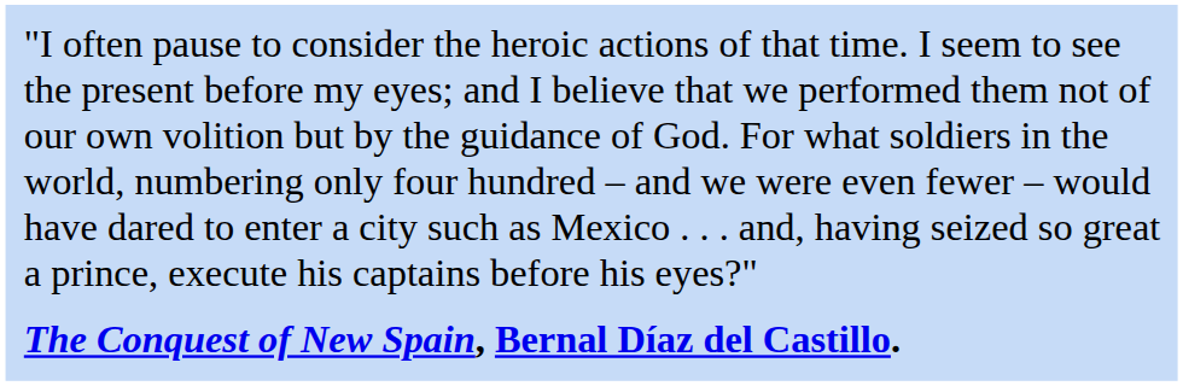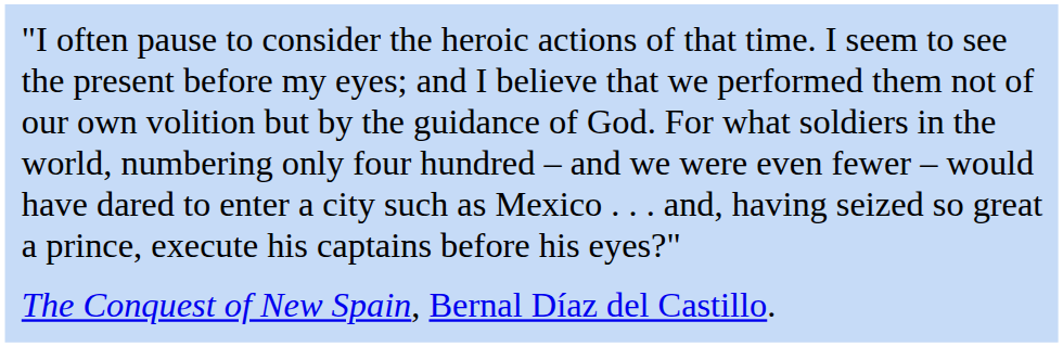 <table class="toccolours" style="float: right; margin-left: 2em; margin-right: 1em; font-size: 85%; background:#c6dbf7; color:black; width:30em; max-width: 40%;" cellspacing="5">
 <tr>
 <td style="text-align: left;">"I often pause to consider the heroic actions of that time. I seem to see the present before my eyes; and I believe that we performed them not of our own volition but by the guidance of God. For what soldiers in the world, numbering only four hundred – and we were even fewer – would have dared to enter a city such as Mexico . . . and, having seized so great a prince, execute his captains before his eyes?"</td>
 </tr>
 <tr>
-<td style="text-align: left;"><strong><em><a href='#'>The Conquest of New Spain</a></em>, <a href='#'>Bernal Díaz del Castillo</a>.</strong></td>
+<td style="text-align: left;"><em><a href='#'>The Conquest of New Spain</a></em>, <a href='#'>Bernal Díaz del Castillo</a>.</td>
 </tr>
 </table>
